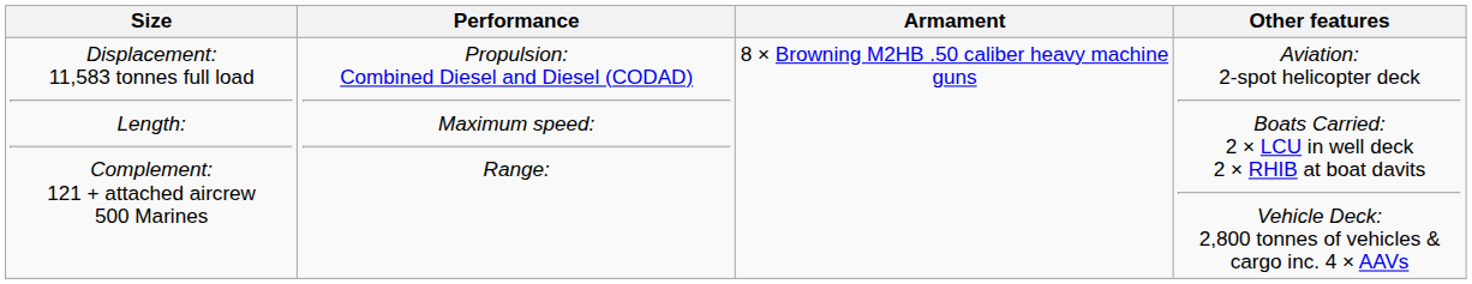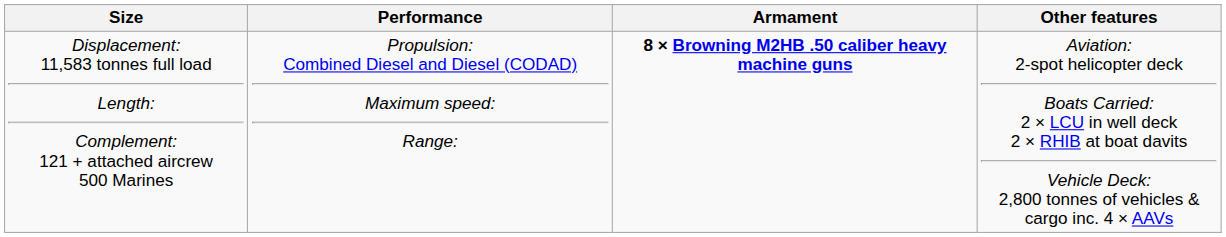 <table class="wikitable"  style="width:90%; text-align:center;">
 <tr style="background:lavender;">
 <th>Size</th>
 <th>Performance</th>
 <th>Armament</th>
 <th>Other features</th>
 </tr>
 <tr>
 <td style="vertical-align:top; width:20%;"><em>Displacement:</em><br>11,583 tonnes full load <hr><em>Length:</em><br> <hr><em>Complement:</em><br>121 + attached aircrew  <br>500 Marines</td>
 <td style="vertical-align:top; width:30%;"><em>Propulsion:</em><br><a href='#'>Combined Diesel and Diesel (CODAD)</a> <hr><em>Maximum speed:</em><br> <hr><em>Range:</em><br></td>
-<td style="vertical-align:top; width:30%;">8 × <a href='#'>Browning M2HB .50 caliber heavy machine guns</a></td>
+<td style="vertical-align:top; width:30%;"><strong>8 × <a href='#'>Browning M2HB .50 caliber heavy machine guns</a></strong></td>
 <td style="vertical-align:top; width:20%;"><em>Aviation:</em><br>2-spot helicopter deck<hr><em>Boats Carried:</em><br>2 × <a href='#'>LCU</a> in well deck<br>2 × <a href='#'>RHIB</a> at boat davits <hr><em>Vehicle Deck:</em><br>2,800 tonnes of vehicles & cargo inc. 4 × <a href='#'>AAVs</a></td>
 </tr>
 </table>
